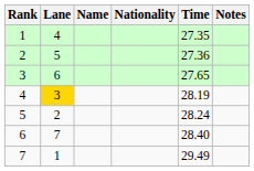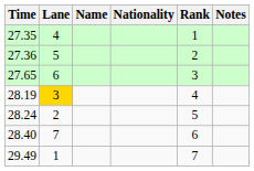 <table class="wikitable sortable" style="text-align:center">
 <tr>
-<th>Rank</th>
+<th>Time</th>
 <th>Lane</th>
 <th>Name</th>
 <th>Nationality</th>
-<th>Time</th>
+<th>Rank</th>
 <th>Notes</th>
 </tr>
 <tr bgcolor=ccffcc>
-<td>1</td>
+<td>27.35</td>
 <td>4</td>
 <td align=left></td>
 <td align=left></td>
-<td>27.35</td>
+<td>1</td>
 <td><strong></strong></td>
 </tr>
 <tr bgcolor=ccffcc>
-<td>2</td>
+<td>27.36</td>
 <td>5</td>
 <td align=left></td>
 <td align=left></td>
-<td>27.36</td>
+<td>2</td>
 <td><strong></strong></td>
 </tr>
 <tr bgcolor=ccffcc>
-<td>3</td>
+<td>27.65</td>
 <td>6</td>
 <td align=left></td>
 <td align=left></td>
-<td>27.65</td>
+<td>3</td>
 <td><strong></strong></td>
 </tr>
 <tr>
-<td>4</td>
+<td>28.19</td>
 <td style="background: gold;">3</td>
 <td align=left></td>
 <td align=left></td>
-<td>28.19</td>
+<td>4</td>
 <td></td>
 </tr>
 <tr>
-<td>5</td>
+<td>28.24</td>
 <td>2</td>
 <td align=left></td>
 <td align=left></td>
-<td>28.24</td>
+<td>5</td>
 <td></td>
 </tr>
 <tr>
-<td>6</td>
+<td>28.40</td>
 <td>7</td>
 <td align=left></td>
 <td align=left></td>
-<td>28.40</td>
+<td>6</td>
 <td></td>
 </tr>
 <tr>
-<td>7</td>
+<td>29.49</td>
 <td>1</td>
 <td align=left></td>
 <td align=left></td>
-<td>29.49</td>
+<td>7</td>
 <td></td>
 </tr>
 </table>
